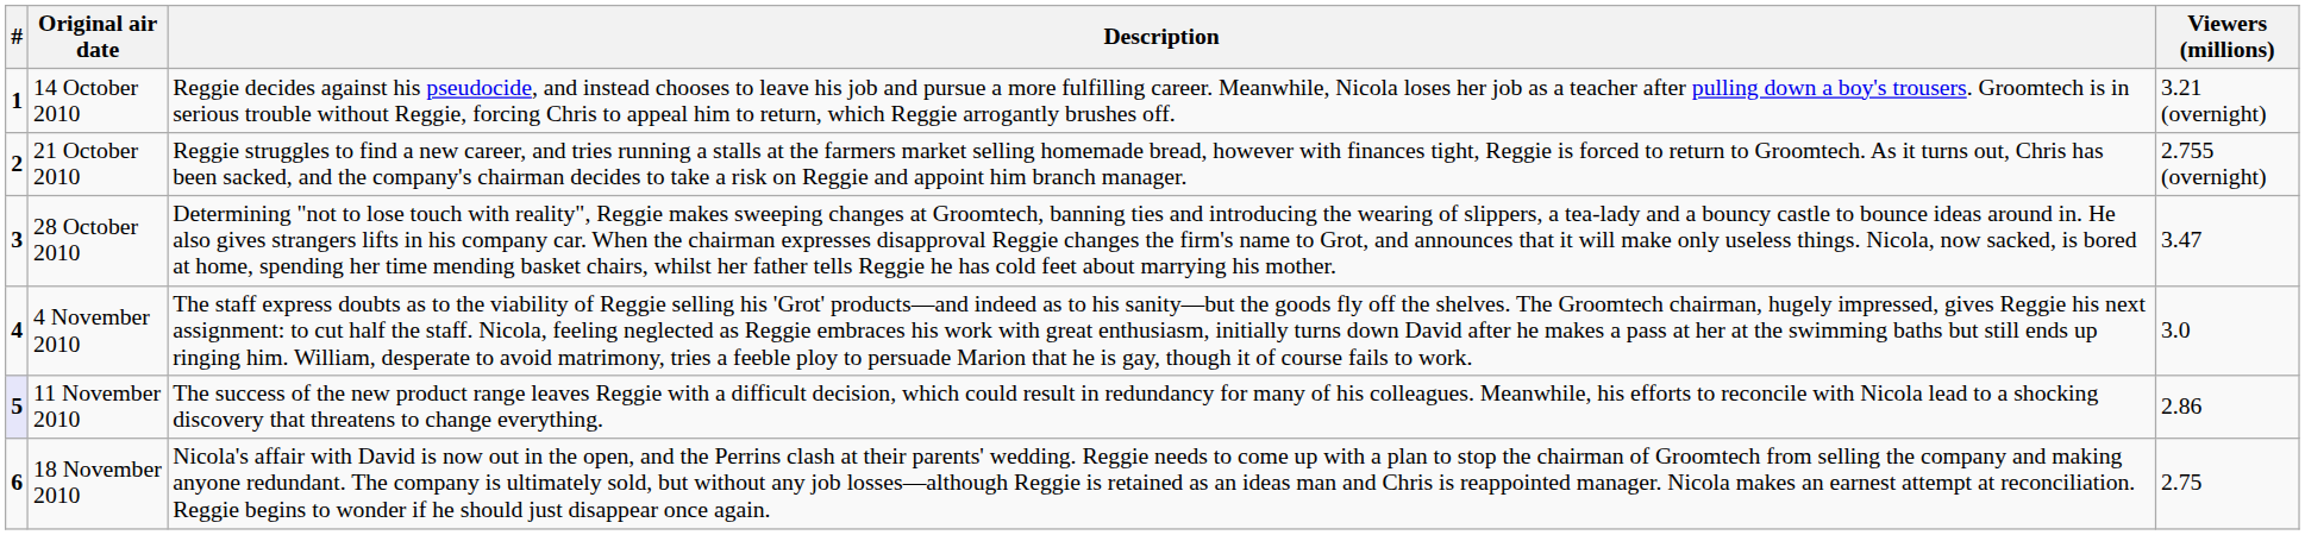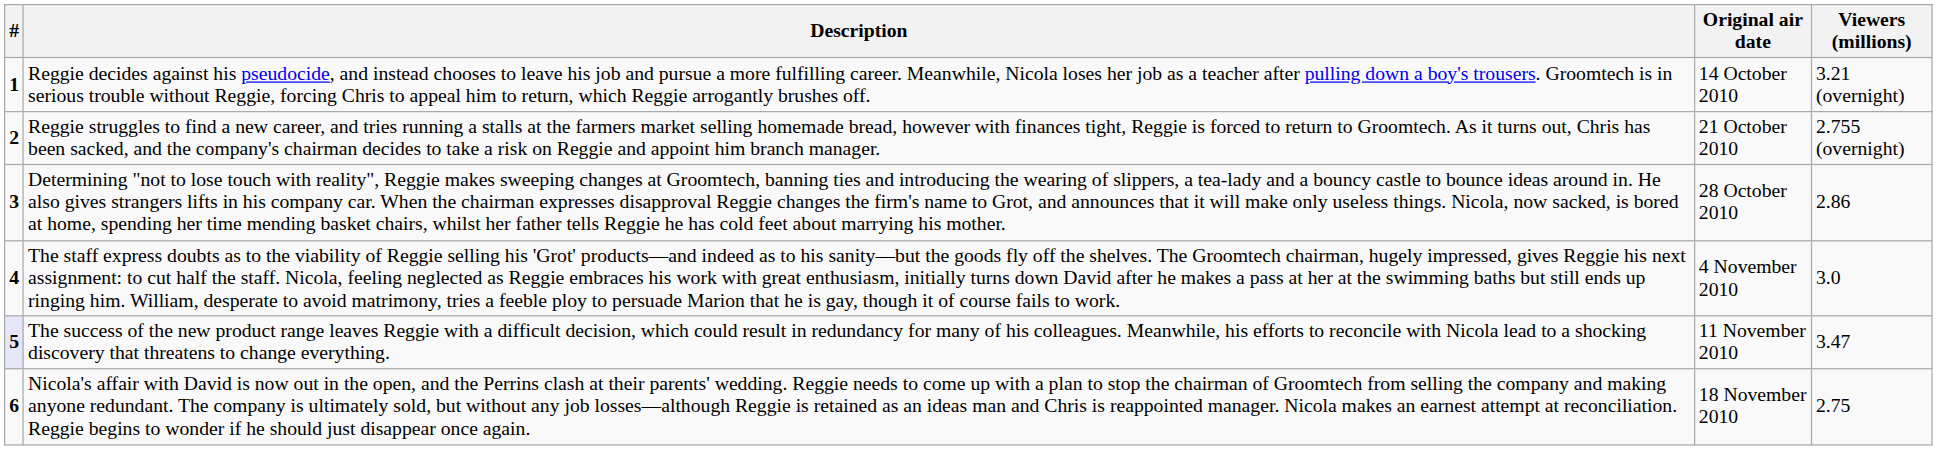 <table class="wikitable">
 <tr>
 <th>#</th>
+<th>Description</th>
 <th>Original air date</th>
-<th>Description</th>
 <th>Viewers (millions)</th>
 </tr>
 <tr>
 <td><strong>1</strong></td>
+<td>Reggie decides against his <a href='#'>pseudocide</a>, and instead chooses to leave his job and pursue a more fulfilling career. Meanwhile, Nicola loses her job as a teacher after <a href='#'>pulling down a boy's trousers</a>. Groomtech is in serious trouble without Reggie, forcing Chris to appeal him to return, which Reggie arrogantly brushes off.</td>
 <td>14 October 2010</td>
-<td>Reggie decides against his <a href='#'>pseudocide</a>, and instead chooses to leave his job and pursue a more fulfilling career. Meanwhile, Nicola loses her job as a teacher after <a href='#'>pulling down a boy's trousers</a>. Groomtech is in serious trouble without Reggie, forcing Chris to appeal him to return, which Reggie arrogantly brushes off.</td>
 <td>3.21 (overnight)</td>
 </tr>
 <tr>
 <td><strong>2</strong></td>
+<td>Reggie struggles to find a new career, and tries running a stalls at the farmers market selling homemade bread, however with finances tight, Reggie is forced to return to Groomtech.  As it turns out, Chris has been sacked, and the company's chairman decides to take a risk on Reggie and appoint him branch manager.</td>
 <td>21 October 2010</td>
-<td>Reggie struggles to find a new career, and tries running a stalls at the farmers market selling homemade bread, however with finances tight, Reggie is forced to return to Groomtech.  As it turns out, Chris has been sacked, and the company's chairman decides to take a risk on Reggie and appoint him branch manager.</td>
 <td>2.755 (overnight)</td>
 </tr>
 <tr>
 <td><strong>3</strong></td>
+<td>Determining "not to lose touch with reality", Reggie makes sweeping changes at Groomtech, banning ties and introducing the wearing of slippers, a tea-lady and a bouncy castle to bounce ideas around in. He also gives strangers lifts in his company car. When the chairman expresses disapproval Reggie changes the firm's name to Grot, and announces that it will make only useless things. Nicola, now sacked, is bored at home, spending her time mending basket chairs, whilst her father tells Reggie he has cold feet about marrying his mother.</td>
 <td>28 October 2010</td>
-<td>Determining "not to lose touch with reality", Reggie makes sweeping changes at Groomtech, banning ties and introducing the wearing of slippers, a tea-lady and a bouncy castle to bounce ideas around in. He also gives strangers lifts in his company car. When the chairman expresses disapproval Reggie changes the firm's name to Grot, and announces that it will make only useless things. Nicola, now sacked, is bored at home, spending her time mending basket chairs, whilst her father tells Reggie he has cold feet about marrying his mother.</td>
-<td>3.47</td>
+<td>2.86</td>
 </tr>
 <tr>
 <td><strong>4</strong></td>
+<td>The staff express doubts as to the viability of Reggie selling his 'Grot' products—and indeed as to his sanity—but the goods fly off the shelves. The Groomtech chairman, hugely impressed, gives Reggie his next assignment: to cut half the staff. Nicola, feeling neglected as Reggie embraces his work with great enthusiasm, initially turns down David after he makes a pass at her at the swimming baths but still ends up ringing him. William, desperate to avoid matrimony, tries a feeble ploy to persuade Marion that he is gay, though it of course fails to work.</td>
 <td>4 November 2010</td>
-<td>The staff express doubts as to the viability of Reggie selling his 'Grot' products—and indeed as to his sanity—but the goods fly off the shelves. The Groomtech chairman, hugely impressed, gives Reggie his next assignment: to cut half the staff. Nicola, feeling neglected as Reggie embraces his work with great enthusiasm, initially turns down David after he makes a pass at her at the swimming baths but still ends up ringing him. William, desperate to avoid matrimony, tries a feeble ploy to persuade Marion that he is gay, though it of course fails to work.</td>
 <td>3.0</td>
 </tr>
 <tr>
 <td style="background: lavender;"><strong>5</strong></td>
+<td>The success of the new product range leaves Reggie with a difficult decision, which could result in redundancy for many of his colleagues. Meanwhile, his efforts to reconcile with Nicola lead to a shocking discovery that threatens to change everything.</td>
 <td>11 November 2010</td>
-<td>The success of the new product range leaves Reggie with a difficult decision, which could result in redundancy for many of his colleagues. Meanwhile, his efforts to reconcile with Nicola lead to a shocking discovery that threatens to change everything.</td>
-<td>2.86</td>
+<td>3.47</td>
 </tr>
 <tr>
 <td><strong>6</strong></td>
+<td>Nicola's affair with David is now out in the open, and the Perrins clash at their parents' wedding. Reggie needs to come up with a plan to stop the chairman of Groomtech from selling the company and making anyone redundant.  The company is ultimately sold, but without any job losses—although Reggie is retained as an ideas man and Chris is reappointed manager.  Nicola makes an earnest attempt at reconciliation. Reggie begins to wonder if he should just disappear once again.</td>
 <td>18 November 2010</td>
-<td>Nicola's affair with David is now out in the open, and the Perrins clash at their parents' wedding. Reggie needs to come up with a plan to stop the chairman of Groomtech from selling the company and making anyone redundant.  The company is ultimately sold, but without any job losses—although Reggie is retained as an ideas man and Chris is reappointed manager.  Nicola makes an earnest attempt at reconciliation. Reggie begins to wonder if he should just disappear once again.</td>
 <td>2.75</td>
 </tr>
 </table>
